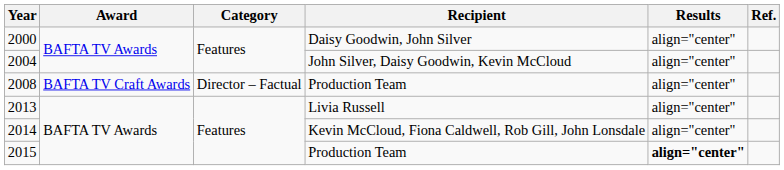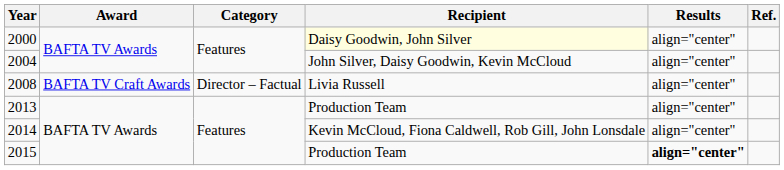 <table class="wikitable">
 <tr>
 <th>Year</th>
 <th>Award</th>
 <th>Category</th>
 <th>Recipient</th>
 <th>Results</th>
 <th>Ref.</th>
 </tr>
 <tr>
 <td>2000</td>
 <td rowspan="2"><a href='#'>BAFTA TV Awards</a></td>
 <td rowspan="2">Features</td>
-<td>Daisy Goodwin, John Silver</td>
+<td style="background: lightyellow;">Daisy Goodwin, John Silver</td>
 <td>align="center" </td>
 <td align="center"></td>
 </tr>
 <tr>
 <td>2004</td>
 <td>John Silver, Daisy Goodwin, Kevin McCloud</td>
 <td>align="center" </td>
 <td align="center"></td>
 </tr>
 <tr>
 <td>2008</td>
 <td><a href='#'>BAFTA TV Craft Awards</a></td>
 <td>Director – Factual</td>
-<td>Production Team</td>
+<td>Livia Russell</td>
 <td>align="center" </td>
 <td align="center"></td>
 </tr>
 <tr>
 <td>2013</td>
 <td rowspan="3">BAFTA TV Awards</td>
 <td rowspan="3">Features</td>
-<td>Livia Russell</td>
+<td>Production Team</td>
 <td>align="center" </td>
 <td align="center"></td>
 </tr>
 <tr>
 <td>2014</td>
 <td>Kevin McCloud, Fiona Caldwell, Rob Gill, John Lonsdale</td>
 <td>align="center" </td>
 <td align="center"></td>
 </tr>
 <tr>
 <td>2015</td>
 <td>Production Team</td>
 <td><strong>align="center" </strong></td>
 <td align="center"></td>
 </tr>
 </table>
